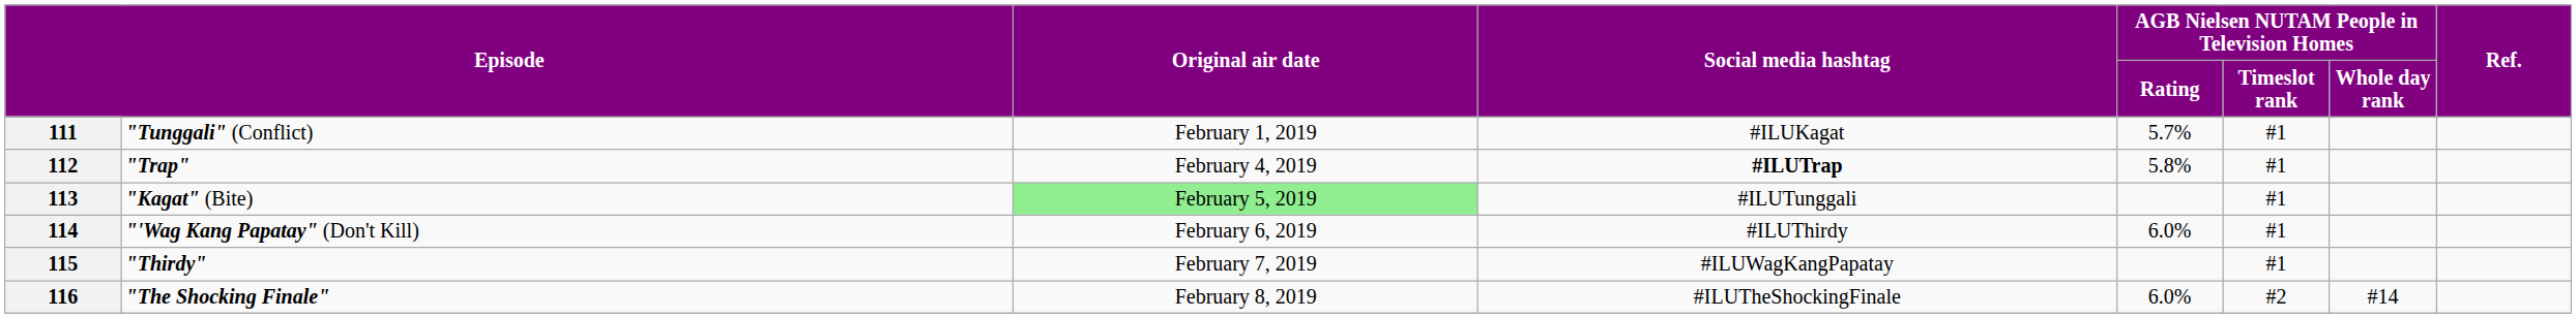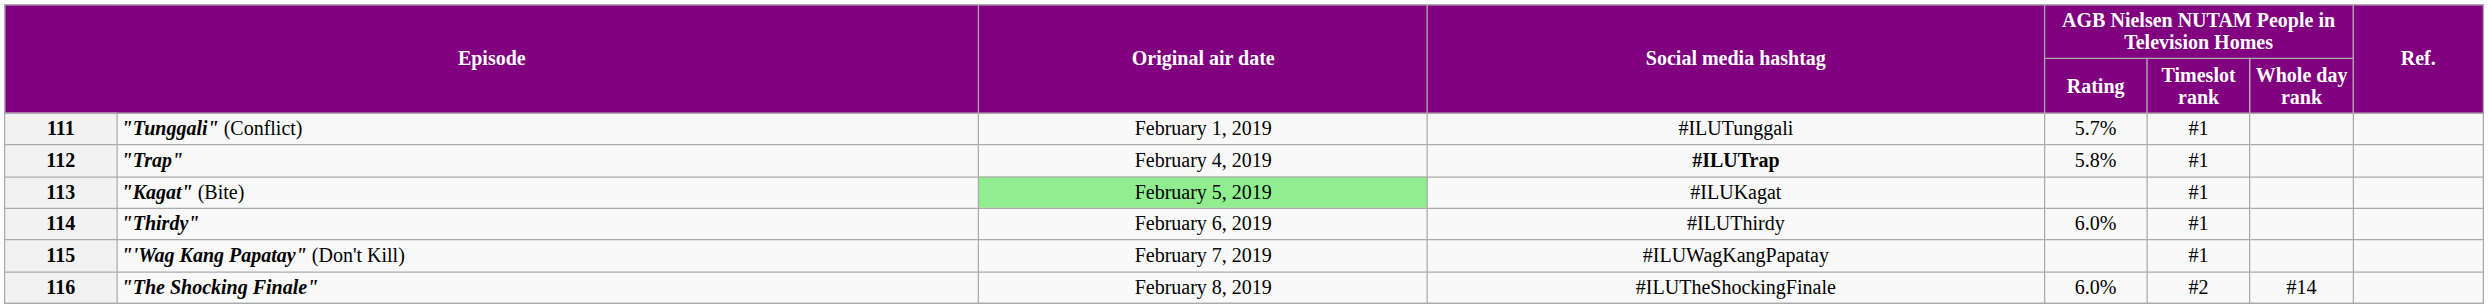 <table class="wikitable" style="text-align:center; font-size:100%; line-height:18px;" width="100%">
 <tr>
 <th style="background-color:#800080; color:white;" colspan="2" rowspan="2">Episode</th>
 <th style="background-color:#800080; color:white" rowspan="2">Original air date</th>
 <th style="background-color:#800080; color:white" rowspan="2">Social media hashtag</th>
 <th style="background-color:#800080; color:white;" colspan="3">AGB Nielsen NUTAM People in Television Homes</th>
 <th style="background-color:#800080;  color:white;" rowspan="2">Ref.</th>
 </tr>
 <tr>
 <th style="background-color:#800080; width:75px; color:white;">Rating</th>
 <th style="background-color:#800080;  width:75px; color:white;">Timeslot<br>rank</th>
 <th style="background-color:#800080; width:75px; color:white;">Whole day<br>rank</th>
 </tr>
 <tr>
 <th>111</th>
 <td style="text-align: left;"><strong><em>"Tunggali"</em></strong> (Conflict)</td>
 <td>February 1, 2019</td>
-<td>#ILUKagat</td>
+<td>#ILUTunggali</td>
 <td>5.7%</td>
 <td>#1</td>
 <td></td>
 <td></td>
 </tr>
 <tr>
 <th>112</th>
 <td style="text-align: left;"><strong><em>"Trap"</em></strong></td>
 <td>February 4, 2019</td>
 <td><strong>#ILUTrap</strong></td>
 <td>5.8%</td>
 <td>#1</td>
 <td></td>
 <td></td>
 </tr>
 <tr>
 <th>113</th>
 <td style="text-align: left;"><strong><em>"Kagat"</em></strong> (Bite)</td>
 <td style="background: lightgreen;">February 5, 2019</td>
-<td>#ILUTunggali</td>
+<td>#ILUKagat</td>
 <td></td>
 <td>#1</td>
 <td></td>
 <td></td>
 </tr>
 <tr>
 <th>114</th>
-<td style="text-align: left;"><strong><em>"'Wag Kang Papatay"</em></strong> (Don't Kill)</td>
+<td style="text-align: left;"><strong><em>"Thirdy"</em></strong></td>
 <td>February 6, 2019</td>
 <td>#ILUThirdy</td>
 <td>6.0%</td>
 <td>#1</td>
 <td></td>
 <td></td>
 </tr>
 <tr>
 <th>115</th>
-<td style="text-align: left;"><strong><em>"Thirdy"</em></strong></td>
+<td style="text-align: left;"><strong><em>"'Wag Kang Papatay"</em></strong> (Don't Kill)</td>
 <td>February 7, 2019</td>
 <td>#ILUWagKangPapatay</td>
 <td></td>
 <td>#1</td>
 <td></td>
 <td></td>
 </tr>
 <tr>
 <th>116</th>
 <td style="text-align: left;"><strong><em>"The Shocking Finale"</em></strong></td>
 <td>February 8, 2019</td>
 <td>#ILUTheShockingFinale</td>
 <td>6.0%</td>
 <td>#2</td>
 <td>#14</td>
 <td></td>
 </tr>
 <tr>
 </tr>
 </table>
